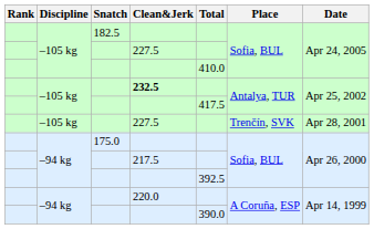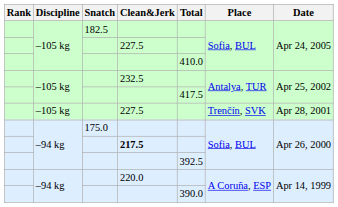 <table class="wikitable">
 <tr>
 <th>Rank</th>
 <th>Discipline</th>
 <th>Snatch</th>
 <th>Clean&Jerk</th>
 <th>Total</th>
 <th>Place</th>
 <th>Date</th>
 </tr>
 <tr bgcolor=#CCFFCC>
 <td></td>
 <td rowspan=3>–105 kg</td>
 <td>182.5</td>
 <td></td>
 <td></td>
 <td rowspan=3><a href='#'>Sofia</a>, <a href='#'>BUL</a></td>
 <td rowspan=3>Apr 24, 2005</td>
 </tr>
 <tr bgcolor=#CCFFCC>
 <td></td>
 <td></td>
 <td>227.5</td>
 <td></td>
 </tr>
 <tr bgcolor=#CCFFCC>
 <td></td>
 <td></td>
 <td></td>
 <td>410.0</td>
 </tr>
 <tr bgcolor=#CCFFCC>
 <td></td>
 <td rowspan=2>–105 kg</td>
 <td></td>
-<td><strong>232.5</strong></td>
+<td>232.5</td>
 <td></td>
 <td rowspan=2><a href='#'>Antalya</a>, <a href='#'>TUR</a></td>
 <td rowspan=2>Apr 25, 2002</td>
 </tr>
 <tr bgcolor=#CCFFCC>
 <td></td>
 <td></td>
 <td></td>
 <td>417.5</td>
 </tr>
 <tr bgcolor=#CCFFCC>
 <td></td>
 <td>–105 kg</td>
 <td></td>
 <td>227.5</td>
 <td></td>
 <td><a href='#'>Trenčín</a>, <a href='#'>SVK</a></td>
 <td>Apr 28, 2001</td>
 </tr>
 <tr bgcolor=#DDEEFF>
 <td></td>
 <td rowspan=3>–94 kg</td>
 <td>175.0</td>
 <td></td>
 <td></td>
 <td rowspan=3><a href='#'>Sofia</a>, <a href='#'>BUL</a></td>
 <td rowspan=3>Apr 26, 2000</td>
 </tr>
 <tr bgcolor=#DDEEFF>
 <td></td>
 <td></td>
-<td>217.5</td>
+<td><strong>217.5</strong></td>
 <td></td>
 </tr>
 <tr bgcolor=#DDEEFF>
 <td></td>
 <td></td>
 <td></td>
 <td>392.5</td>
 </tr>
 <tr bgcolor=#DDEEFF>
 <td></td>
 <td rowspan=2>–94 kg</td>
 <td></td>
 <td>220.0</td>
 <td></td>
 <td rowspan=2><a href='#'>A Coruña</a>, <a href='#'>ESP</a></td>
 <td rowspan=2>Apr 14, 1999</td>
 </tr>
 <tr bgcolor=#DDEEFF>
 <td></td>
 <td></td>
 <td></td>
 <td>390.0</td>
 </tr>
 </table>
